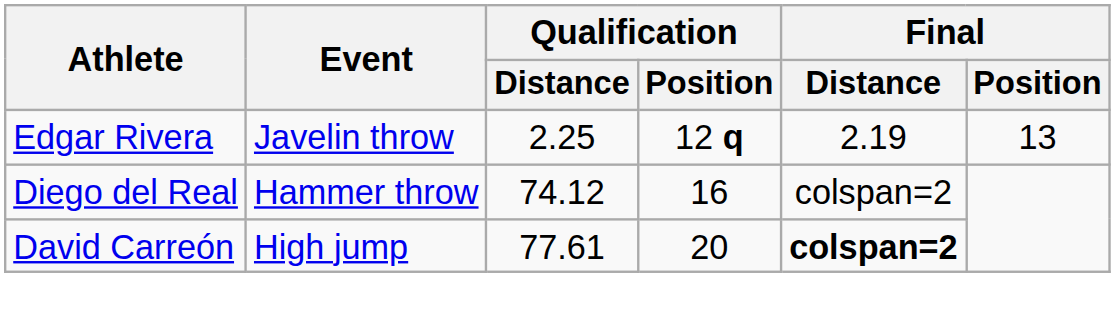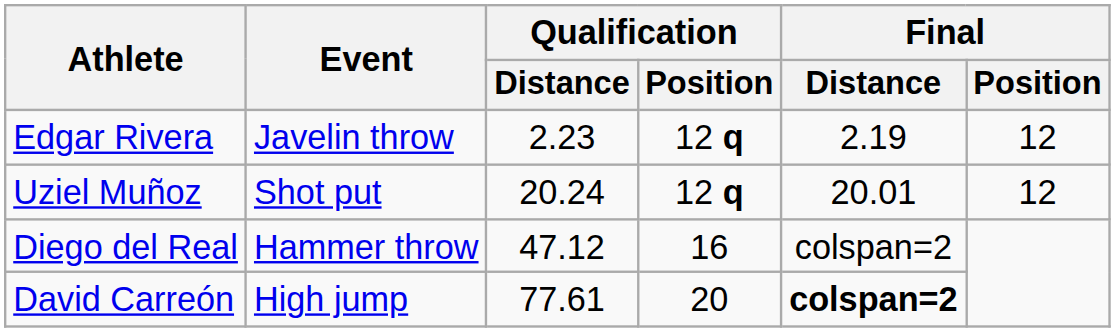 <table class=wikitable style=font-size:90%>
 <tr>
 <th rowspan=2>Athlete</th>
 <th rowspan=2>Event</th>
 <th colspan=2>Qualification</th>
 <th colspan=2>Final</th>
 </tr>
 <tr style=font-size:95%>
 <th>Distance</th>
 <th>Position</th>
 <th>Distance</th>
 <th>Position</th>
 </tr>
 <tr align=center>
 <td align=left><a href='#'>Edgar Rivera</a></td>
 <td align=left><a href='#'>Javelin throw</a></td>
-<td>2.25</td>
+<td>2.23</td>
 <td>12 <strong>q</strong></td>
 <td>2.19</td>
-<td>13</td>
+<td>12</td>
+</tr>
+<tr align=center>
+<td align=left><a href='#'>Uziel Muñoz</a></td>
+<td align=left><a href='#'>Shot put</a></td>
+<td>20.24</td>
+<td>12 <strong>q</strong></td>
+<td>20.01</td>
+<td>12</td>
 </tr>
 <tr align=center>
 <td align=left><a href='#'>Diego del Real</a></td>
 <td align=left><a href='#'>Hammer throw</a></td>
-<td>74.12</td>
+<td>47.12</td>
 <td>16</td>
 <td>colspan=2 </td>
 </tr>
 <tr align=center>
 <td align=left><a href='#'>David Carreón</a></td>
 <td align=left><a href='#'>High jump</a></td>
 <td>77.61</td>
 <td>20</td>
 <td><strong>colspan=2 </strong></td>
 </tr>
 </table>
